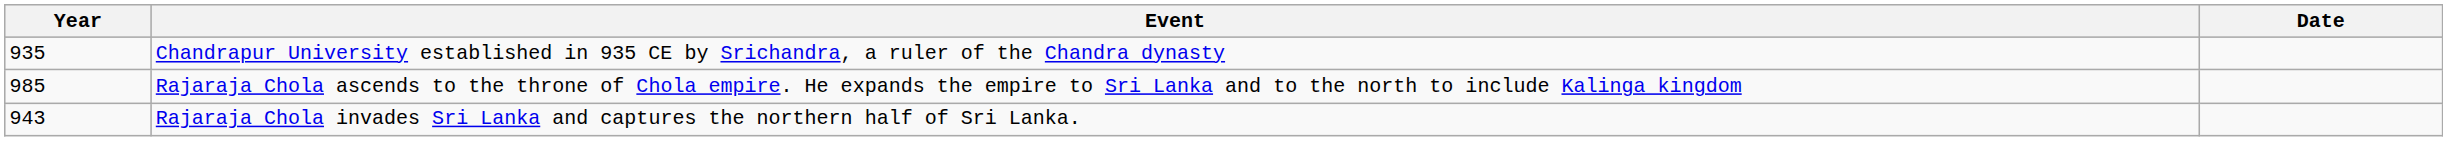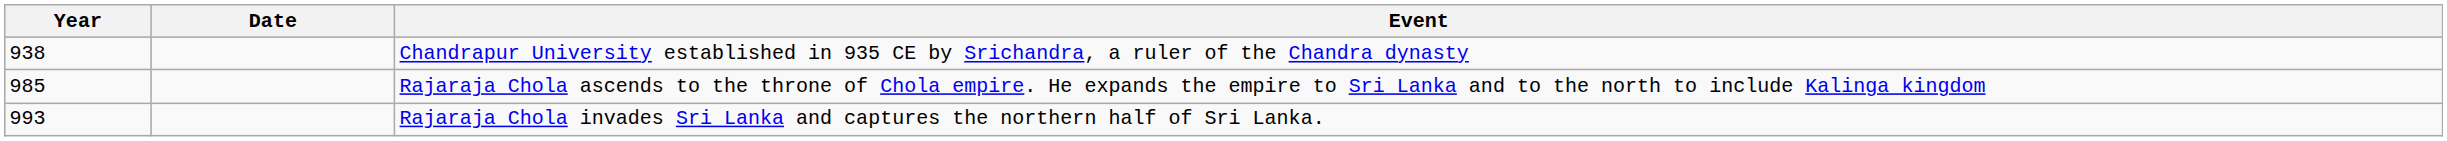 <table class="wikitable" style="width:100%">
 <tr>
 <th style="width:6%">Year</th>
+<th style="width:10%">Date</th>
 <th>Event</th>
-<th style="width:10%">Date</th>
 </tr>
 <tr>
-<td>935</td>
+<td>938</td>
+<td></td>
 <td><a href='#'>Chandrapur University</a> established in 935 CE by <a href='#'>Srichandra</a>, a ruler of the <a href='#'>Chandra dynasty</a></td>
-<td></td>
 </tr>
 <tr>
 <td>985</td>
+<td></td>
 <td><a href='#'>Rajaraja Chola</a> ascends to the throne of <a href='#'>Chola empire</a>. He expands the empire to <a href='#'>Sri Lanka</a> and to the north to include <a href='#'>Kalinga kingdom</a></td>
-<td></td>
 </tr>
 <tr>
-<td>943</td>
+<td>993</td>
+<td></td>
 <td><a href='#'>Rajaraja Chola</a> invades <a href='#'>Sri Lanka</a> and captures the northern half of Sri Lanka.</td>
-<td></td>
 </tr>
 </table>
